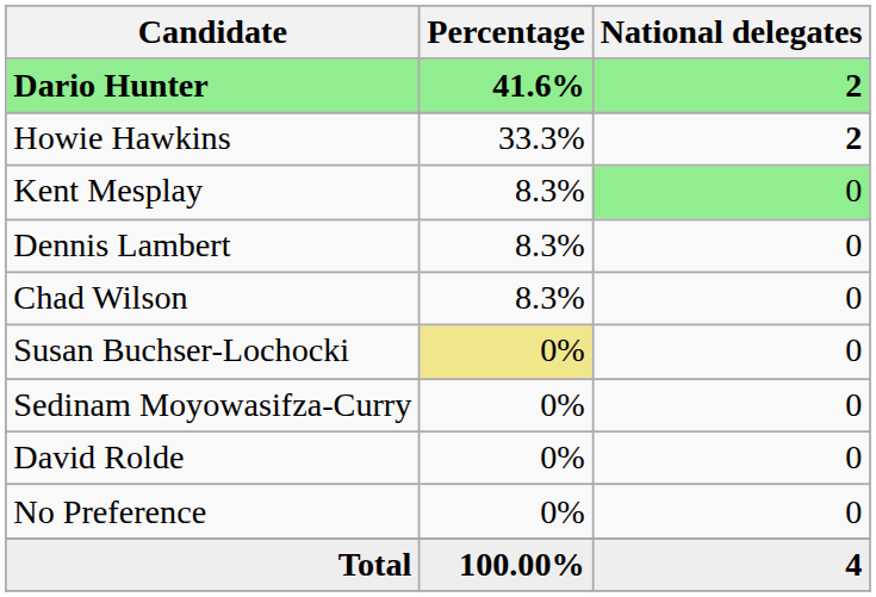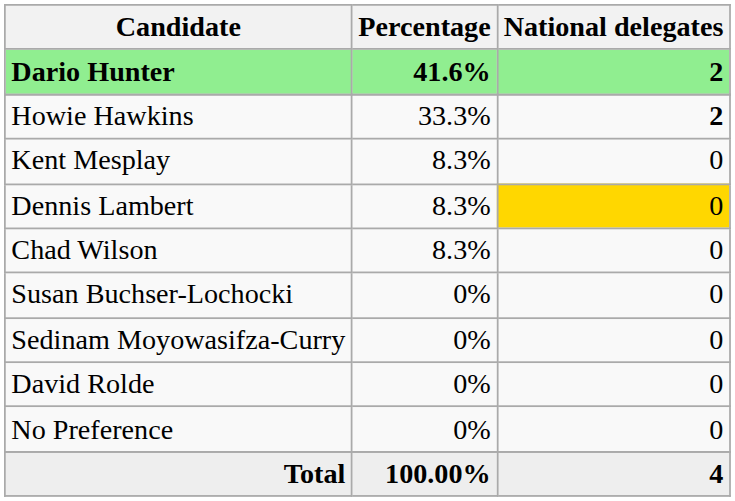 <table class="wikitable" style="text-align:right;">
 <tr>
 <th>Candidate</th>
 <th>Percentage</th>
 <th>National delegates</th>
 </tr>
 <tr style="background:lightgreen;">
 <td style="text-align:left;"><strong>Dario Hunter</strong></td>
 <td><strong>41.6%</strong></td>
 <td><strong>2</strong></td>
 </tr>
 <tr>
 </tr>
 <tr>
 <td style="text-align:left;">Howie Hawkins</td>
 <td>33.3%</td>
 <td><strong>2</strong></td>
 </tr>
 <tr>
 <td style="text-align:left;">Kent Mesplay</td>
 <td>8.3%</td>
-<td style="background: lightgreen;">0</td>
+<td>0</td>
 </tr>
 <tr>
 <td style="text-align:left;">Dennis Lambert</td>
 <td>8.3%</td>
-<td>0</td>
+<td style="background: gold;">0</td>
 </tr>
 <tr>
 <td style="text-align:left;">Chad Wilson</td>
 <td>8.3%</td>
 <td>0</td>
 </tr>
 <tr>
 <td style="text-align:left;">Susan Buchser-Lochocki</td>
-<td style="background: khaki;">0%</td>
+<td>0%</td>
 <td>0</td>
 </tr>
 <tr>
 <td style="text-align:left;">Sedinam Moyowasifza-Curry</td>
 <td>0%</td>
 <td>0</td>
 </tr>
 <tr>
 <td style="text-align:left;">David Rolde</td>
 <td>0%</td>
 <td>0</td>
 </tr>
 <tr>
 <td style="text-align:left;">No Preference</td>
 <td>0%</td>
 <td>0</td>
 </tr>
 <tr>
 </tr>
 <tr style="background:#eee;">
 <td style="margin-right:0.50px"><strong>Total</strong></td>
 <td style="margin-right:0.50px"><strong>100.00%</strong></td>
 <td style="margin-right:0.50px"><strong>4</strong></td>
 </tr>
 </table>
